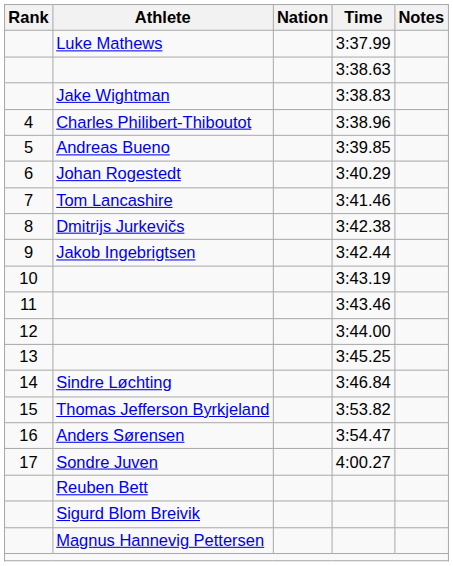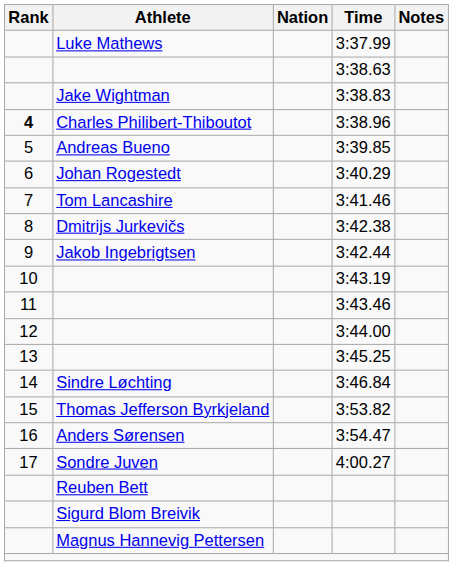 <table class="wikitable sortable" style="text-align:center;">
 <tr>
 <th scope="col" style="width: 10px;">Rank</th>
 <th scope="col">Athlete</th>
 <th scope="col">Nation</th>
 <th scope="col">Time</th>
 <th scope="col">Notes</th>
 </tr>
 <tr>
 <td></td>
 <td align=left><a href='#'>Luke Mathews</a></td>
 <td align=left></td>
 <td>3:37.99</td>
 <td></td>
 </tr>
 <tr>
 <td></td>
 <td align=left></td>
 <td align=left></td>
 <td>3:38.63</td>
 <td></td>
 </tr>
 <tr>
 <td></td>
 <td align=left><a href='#'>Jake Wightman</a></td>
 <td align=left></td>
 <td>3:38.83</td>
 <td></td>
 </tr>
 <tr>
-<td>4</td>
+<td><strong>4</strong></td>
 <td align=left><a href='#'>Charles Philibert-Thiboutot</a></td>
 <td align=left></td>
 <td>3:38.96</td>
 <td></td>
 </tr>
 <tr>
 <td>5</td>
 <td align=left><a href='#'>Andreas Bueno</a></td>
 <td align=left></td>
 <td>3:39.85</td>
 <td></td>
 </tr>
 <tr>
 <td>6</td>
 <td align=left><a href='#'>Johan Rogestedt</a></td>
 <td align=left></td>
 <td>3:40.29</td>
 <td></td>
 </tr>
 <tr>
 <td>7</td>
 <td align=left><a href='#'>Tom Lancashire</a></td>
 <td align=left></td>
 <td>3:41.46</td>
 <td></td>
 </tr>
 <tr>
 <td>8</td>
 <td align=left><a href='#'>Dmitrijs Jurkevičs</a></td>
 <td align=left></td>
 <td>3:42.38</td>
 <td></td>
 </tr>
 <tr>
 <td>9</td>
 <td align=left><a href='#'>Jakob Ingebrigtsen</a></td>
 <td align=left></td>
 <td>3:42.44</td>
 <td></td>
 </tr>
 <tr>
 <td>10</td>
 <td align=left></td>
 <td align=left></td>
 <td>3:43.19</td>
 <td></td>
 </tr>
 <tr>
 <td>11</td>
 <td align=left></td>
 <td align=left></td>
 <td>3:43.46</td>
 <td></td>
 </tr>
 <tr>
 <td>12</td>
 <td align=left></td>
 <td align=left></td>
 <td>3:44.00</td>
 <td></td>
 </tr>
 <tr>
 <td>13</td>
 <td align=left></td>
 <td align=left></td>
 <td>3:45.25</td>
 <td></td>
 </tr>
 <tr>
 <td>14</td>
 <td align=left><a href='#'>Sindre Løchting</a></td>
 <td align=left></td>
 <td>3:46.84</td>
 <td></td>
 </tr>
 <tr>
 <td>15</td>
 <td align=left><a href='#'>Thomas Jefferson Byrkjeland</a></td>
 <td align=left></td>
 <td>3:53.82</td>
 <td></td>
 </tr>
 <tr>
 <td>16</td>
 <td align=left><a href='#'>Anders Sørensen</a></td>
 <td align=left></td>
 <td>3:54.47</td>
 <td></td>
 </tr>
 <tr>
 <td>17</td>
 <td align=left><a href='#'>Sondre Juven</a></td>
 <td align=left></td>
 <td>4:00.27</td>
 <td></td>
 </tr>
 <tr>
 <td></td>
 <td align="left"><a href='#'>Reuben Bett</a></td>
 <td align="left"></td>
 <td></td>
 <td></td>
 </tr>
 <tr>
 <td></td>
 <td align="left"><a href='#'>Sigurd Blom Breivik</a></td>
 <td align="left"></td>
 <td></td>
 <td></td>
 </tr>
 <tr>
 <td></td>
 <td align="left"><a href='#'>Magnus Hannevig Pettersen</a></td>
 <td align="left"></td>
 <td></td>
 <td></td>
 </tr>
 <tr class="sortbottom">
 <td colspan="5"></td>
 </tr>
 </table>
